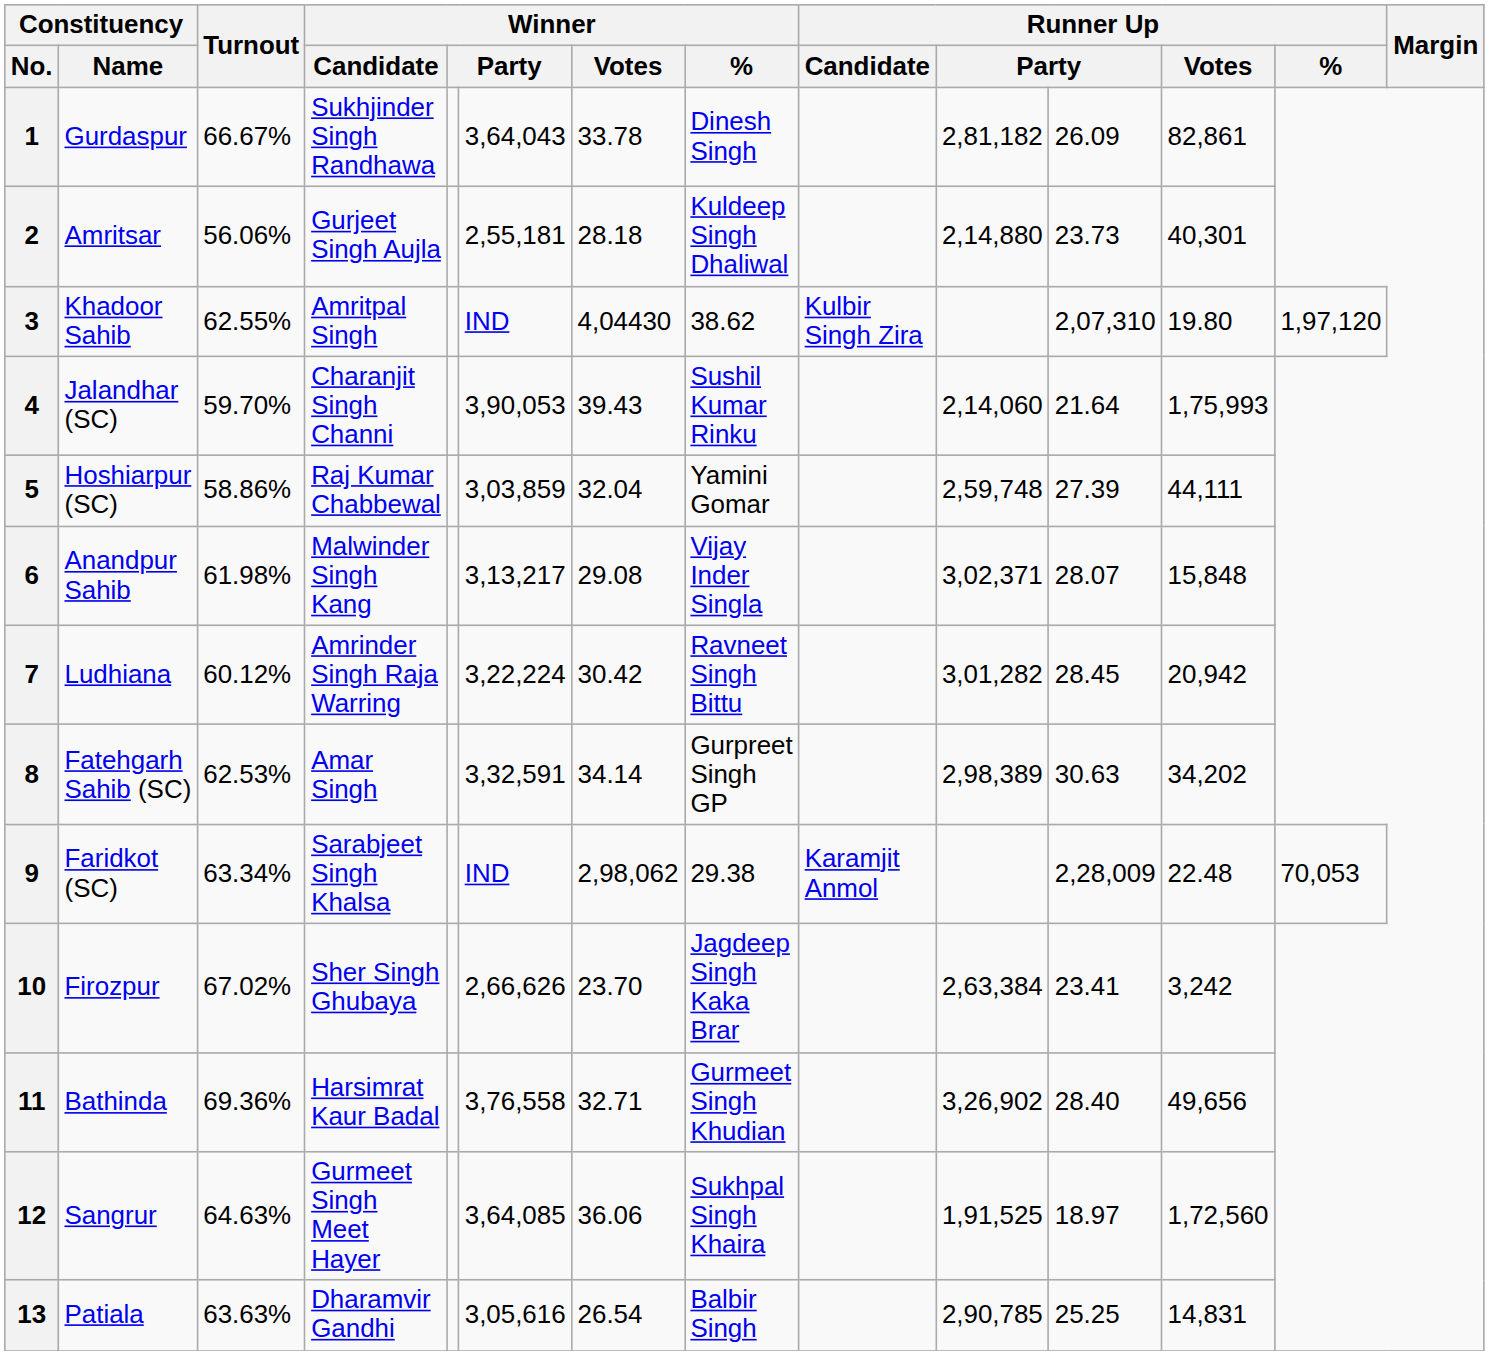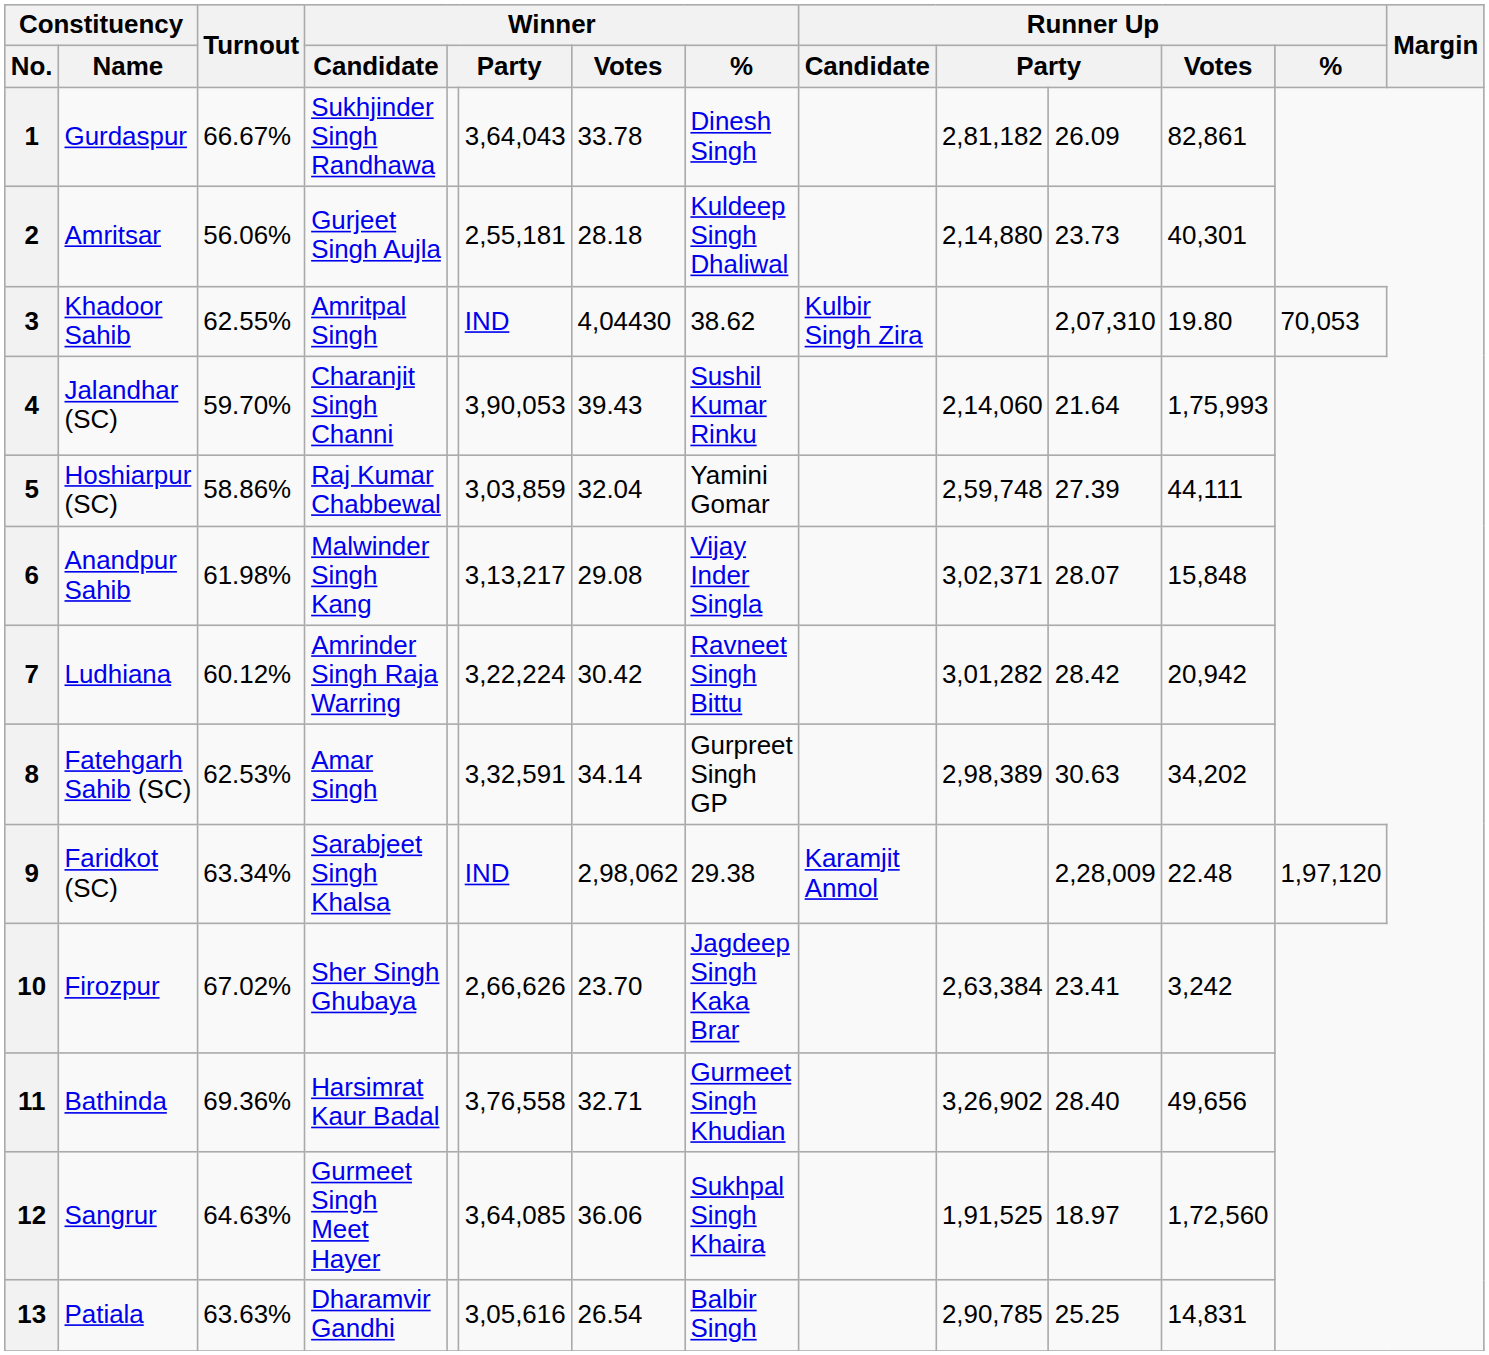 <table class="wikitable sortable">
 <tr>
 <th colspan="2">Constituency</th>
 <th rowspan="2">Turnout</th>
 <th colspan="5">Winner</th>
 <th colspan="5">Runner Up</th>
 <th rowspan="2">Margin</th>
 </tr>
 <tr>
 <th>No.</th>
 <th>Name</th>
 <th>Candidate</th>
 <th colspan="2">Party</th>
 <th>Votes</th>
 <th>%</th>
 <th>Candidate</th>
 <th colspan="2">Party</th>
 <th>Votes</th>
 <th>%</th>
 </tr>
 <tr>
 <th>1</th>
 <td><a href='#'>Gurdaspur</a></td>
 <td>66.67% </td>
 <td><a href='#'>Sukhjinder Singh Randhawa</a></td>
 <td></td>
 <td>3,64,043</td>
 <td>33.78</td>
 <td><a href='#'>Dinesh Singh</a></td>
 <td></td>
 <td>2,81,182</td>
 <td>26.09</td>
 <td style="background:">82,861</td>
 </tr>
 <tr>
 <th>2</th>
 <td><a href='#'>Amritsar</a></td>
 <td>56.06% </td>
 <td><a href='#'>Gurjeet Singh Aujla</a></td>
 <td></td>
 <td>2,55,181</td>
 <td>28.18</td>
 <td><a href='#'>Kuldeep Singh Dhaliwal</a></td>
 <td></td>
 <td>2,14,880</td>
 <td>23.73</td>
 <td style="background:">40,301</td>
 </tr>
 <tr>
 <th>3</th>
 <td><a href='#'>Khadoor Sahib</a></td>
 <td>62.55% </td>
 <td><a href='#'>Amritpal Singh</a></td>
 <td></td>
 <td><a href='#'>IND</a></td>
 <td>4,04430</td>
 <td>38.62</td>
 <td><a href='#'>Kulbir Singh Zira</a></td>
 <td></td>
 <td>2,07,310</td>
 <td>19.80</td>
-<td style="background:">1,97,120</td>
+<td style="background:">70,053</td>
 </tr>
 <tr>
 <th>4</th>
 <td><a href='#'>Jalandhar</a> (SC)</td>
 <td>59.70% </td>
 <td><a href='#'>Charanjit Singh Channi</a></td>
 <td></td>
 <td>3,90,053</td>
 <td>39.43</td>
 <td><a href='#'>Sushil Kumar Rinku</a></td>
 <td></td>
 <td>2,14,060</td>
 <td>21.64</td>
 <td style="background:">1,75,993</td>
 </tr>
 <tr>
 <th>5</th>
 <td><a href='#'>Hoshiarpur</a> (SC)</td>
 <td>58.86% </td>
 <td><a href='#'>Raj Kumar Chabbewal</a></td>
 <td></td>
 <td>3,03,859</td>
 <td>32.04</td>
 <td>Yamini Gomar</td>
 <td></td>
 <td>2,59,748</td>
 <td>27.39</td>
 <td style="background:">44,111</td>
 </tr>
 <tr>
 <th>6</th>
 <td><a href='#'>Anandpur Sahib</a></td>
 <td>61.98% </td>
 <td><a href='#'>Malwinder Singh Kang</a></td>
 <td></td>
 <td>3,13,217</td>
 <td>29.08</td>
 <td><a href='#'>Vijay Inder Singla</a></td>
 <td></td>
 <td>3,02,371</td>
 <td>28.07</td>
 <td style="background:">15,848</td>
 </tr>
 <tr>
 <th>7</th>
 <td><a href='#'>Ludhiana</a></td>
 <td>60.12% </td>
 <td><a href='#'>Amrinder Singh Raja Warring</a></td>
 <td></td>
 <td>3,22,224</td>
 <td>30.42</td>
 <td><a href='#'>Ravneet Singh Bittu</a></td>
 <td></td>
 <td>3,01,282</td>
-<td>28.45</td>
+<td>28.42</td>
 <td style="background:">20,942</td>
 </tr>
 <tr>
 <th>8</th>
 <td><a href='#'>Fatehgarh Sahib</a> (SC)</td>
 <td>62.53% </td>
 <td><a href='#'>Amar Singh</a></td>
 <td></td>
 <td>3,32,591</td>
 <td>34.14</td>
 <td>Gurpreet Singh GP</td>
 <td></td>
 <td>2,98,389</td>
 <td>30.63</td>
 <td style="background:">34,202</td>
 </tr>
 <tr>
 <th>9</th>
 <td><a href='#'>Faridkot</a> (SC)</td>
 <td>63.34% </td>
 <td><a href='#'>Sarabjeet Singh Khalsa</a></td>
 <td></td>
 <td><a href='#'>IND</a></td>
 <td>2,98,062</td>
 <td>29.38</td>
 <td><a href='#'>Karamjit Anmol</a></td>
 <td></td>
 <td>2,28,009</td>
 <td>22.48</td>
-<td style="background:">70,053</td>
+<td style="background:">1,97,120</td>
 </tr>
 <tr>
 <th>10</th>
 <td><a href='#'>Firozpur</a></td>
 <td>67.02% </td>
 <td><a href='#'>Sher Singh Ghubaya</a></td>
 <td></td>
 <td>2,66,626</td>
 <td>23.70</td>
 <td><a href='#'>Jagdeep Singh Kaka Brar</a></td>
 <td></td>
 <td>2,63,384</td>
 <td>23.41</td>
 <td style="background:">3,242</td>
 </tr>
 <tr>
 <th>11</th>
 <td><a href='#'>Bathinda</a></td>
 <td>69.36% </td>
 <td><a href='#'>Harsimrat Kaur Badal</a></td>
 <td></td>
 <td>3,76,558</td>
 <td>32.71</td>
 <td><a href='#'>Gurmeet Singh Khudian</a></td>
 <td></td>
 <td>3,26,902</td>
 <td>28.40</td>
 <td style="background:">49,656</td>
 </tr>
 <tr>
 <th>12</th>
 <td><a href='#'>Sangrur</a></td>
 <td>64.63% </td>
 <td><a href='#'>Gurmeet Singh Meet Hayer</a></td>
 <td></td>
 <td>3,64,085</td>
 <td>36.06</td>
 <td><a href='#'>Sukhpal Singh Khaira</a></td>
 <td></td>
 <td>1,91,525</td>
 <td>18.97</td>
 <td style="background:">1,72,560</td>
 </tr>
 <tr>
 <th>13</th>
 <td><a href='#'>Patiala</a></td>
 <td>63.63% </td>
 <td><a href='#'>Dharamvir Gandhi</a></td>
 <td></td>
 <td>3,05,616</td>
 <td>26.54</td>
 <td><a href='#'>Balbir Singh</a></td>
 <td></td>
 <td>2,90,785</td>
 <td>25.25</td>
 <td style="background:">14,831</td>
 </tr>
 </table>
